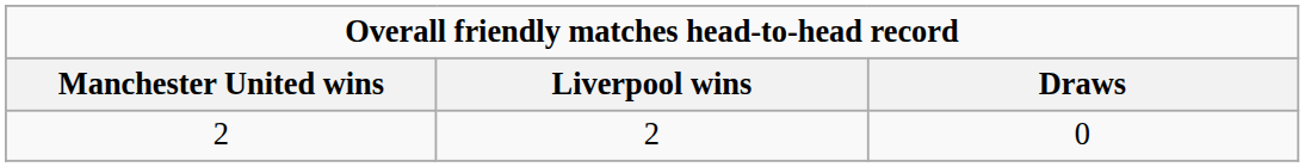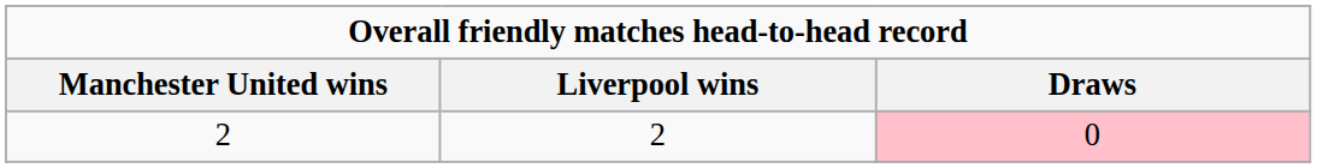 <table class="wikitable" style="font-size:90%;width:95%;text-align:center">
 <tr>
 <td colspan="3"><strong>Overall friendly matches head-to-head record</strong></td>
 </tr>
 <tr>
 <th width="33%">Manchester United wins</th>
 <th width="33%">Liverpool wins</th>
 <th width="33%">Draws</th>
 </tr>
 <tr>
 <td>2</td>
 <td>2</td>
-<td>0</td>
+<td style="background: pink;">0</td>
 </tr>
 </table>
